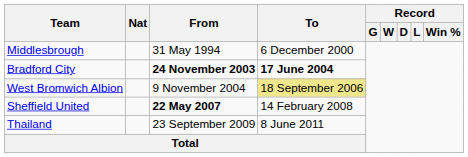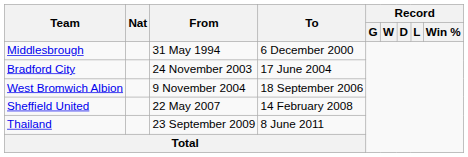 <table class="wikitable" style="text-align:center">
 <tr>
 <th rowspan="2">Team</th>
 <th rowspan="2">Nat</th>
 <th rowspan="2">From</th>
 <th rowspan="2">To</th>
 <th colspan="5">Record</th>
 </tr>
 <tr>
 <th>G</th>
 <th>W</th>
 <th>D</th>
 <th>L</th>
 <th>Win %</th>
 </tr>
 <tr>
 <td align=left><a href='#'>Middlesbrough</a></td>
 <td></td>
 <td align=left>31 May 1994</td>
 <td align=left>6 December 2000<br></td>
 </tr>
 <tr>
 <td align=left><a href='#'>Bradford City</a></td>
 <td></td>
-<td align=left><strong>24 November 2003</strong></td>
-<td align=left><strong>17 June 2004<br></strong></td>
+<td align=left>24 November 2003</td>
+<td align=left>17 June 2004<br></td>
 </tr>
 <tr>
 <td align=left><a href='#'>West Bromwich Albion</a></td>
 <td></td>
 <td align=left>9 November 2004</td>
-<td align=left style="background: khaki;">18 September 2006<br></td>
+<td align=left>18 September 2006<br></td>
 </tr>
 <tr>
 <td align=left><a href='#'>Sheffield United</a></td>
 <td></td>
-<td align=left><strong>22 May 2007</strong></td>
+<td align=left>22 May 2007</td>
 <td align=left>14 February 2008<br></td>
 </tr>
 <tr>
 <td align=left><a href='#'>Thailand</a></td>
 <td></td>
 <td align=left>23 September 2009</td>
 <td align=left>8 June 2011<br></td>
 </tr>
 <tr>
 <th colspan="4">Total<br></th>
 </tr>
 </table>
